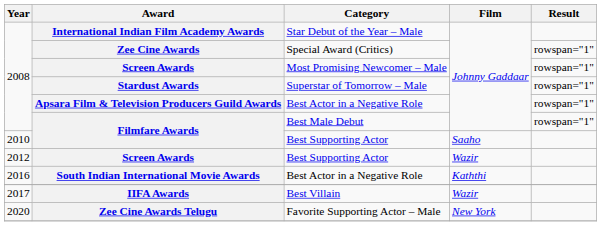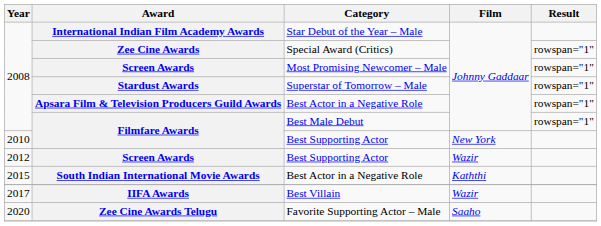 <table class="wikitable plainrowheaders">
 <tr>
 <th scope="col">Year</th>
 <th scope="col">Award</th>
 <th scope="col">Category</th>
 <th scope="col">Film</th>
 <th scope="col">Result</th>
 </tr>
 <tr>
 <td rowspan="06">2008</td>
 <th scope="row"><a href='#'>International Indian Film Academy Awards</a></th>
 <td><a href='#'>Star Debut of the Year – Male</a></td>
 <td rowspan="06"><em><a href='#'>Johnny Gaddaar</a></em></td>
 <td></td>
 </tr>
 <tr>
 <th scope="row"><a href='#'>Zee Cine Awards</a></th>
 <td>Special Award (Critics)</td>
 <td>rowspan="1" </td>
 </tr>
 <tr>
 <th scope="row"><a href='#'>Screen Awards</a></th>
 <td><a href='#'>Most Promising Newcomer – Male</a></td>
 <td>rowspan="1" </td>
 </tr>
 <tr>
 <th scope="row"><a href='#'>Stardust Awards</a></th>
 <td><a href='#'>Superstar of Tomorrow – Male</a></td>
 <td>rowspan="1" </td>
 </tr>
 <tr>
 <th scope="row"><a href='#'>Apsara Film & Television Producers Guild Awards</a></th>
 <td><a href='#'>Best Actor in a Negative Role</a></td>
 <td>rowspan="1" </td>
 </tr>
 <tr>
 <th rowspan="2" scope="row"><a href='#'>Filmfare Awards</a></th>
 <td><a href='#'>Best Male Debut</a></td>
 <td>rowspan="1" </td>
 </tr>
 <tr>
 <td rowspan="1">2010</td>
 <td><a href='#'>Best Supporting Actor</a></td>
-<td><em><a href='#'>Saaho</a></em></td>
+<td rowspan="1"><em><a href='#'>New York</a></em></td>
 <td></td>
 </tr>
 <tr>
 <td rowspan="1">2012</td>
 <th scope="row"><a href='#'>Screen Awards</a></th>
 <td><a href='#'>Best Supporting Actor</a></td>
 <td rowspan="1"><a href='#'><em>Wazir</em></a></td>
 <td></td>
 </tr>
 <tr>
-<td rowspan="1">2016</td>
+<td rowspan="1">2015</td>
 <th scope="row"><a href='#'>South Indian International Movie Awards</a></th>
 <td>Best Actor in a Negative Role</td>
 <td rowspan="1"><em><a href='#'>Kaththi</a></em></td>
 <td></td>
 </tr>
 <tr>
 </tr>
 <tr>
 <td>2017</td>
 <th scope="row"><a href='#'>IIFA Awards</a></th>
 <td><a href='#'>Best Villain</a></td>
 <td rowspan="1"><a href='#'><em>Wazir</em></a></td>
 <td></td>
 </tr>
 <tr>
 <td>2020</td>
 <th scope="row"><a href='#'>Zee Cine Awards Telugu</a></th>
 <td>Favorite Supporting Actor – Male</td>
-<td rowspan="1"><em><a href='#'>New York</a></em></td>
+<td><em><a href='#'>Saaho</a></em></td>
 <td></td>
 </tr>
 <tr>
 </tr>
 </table>
